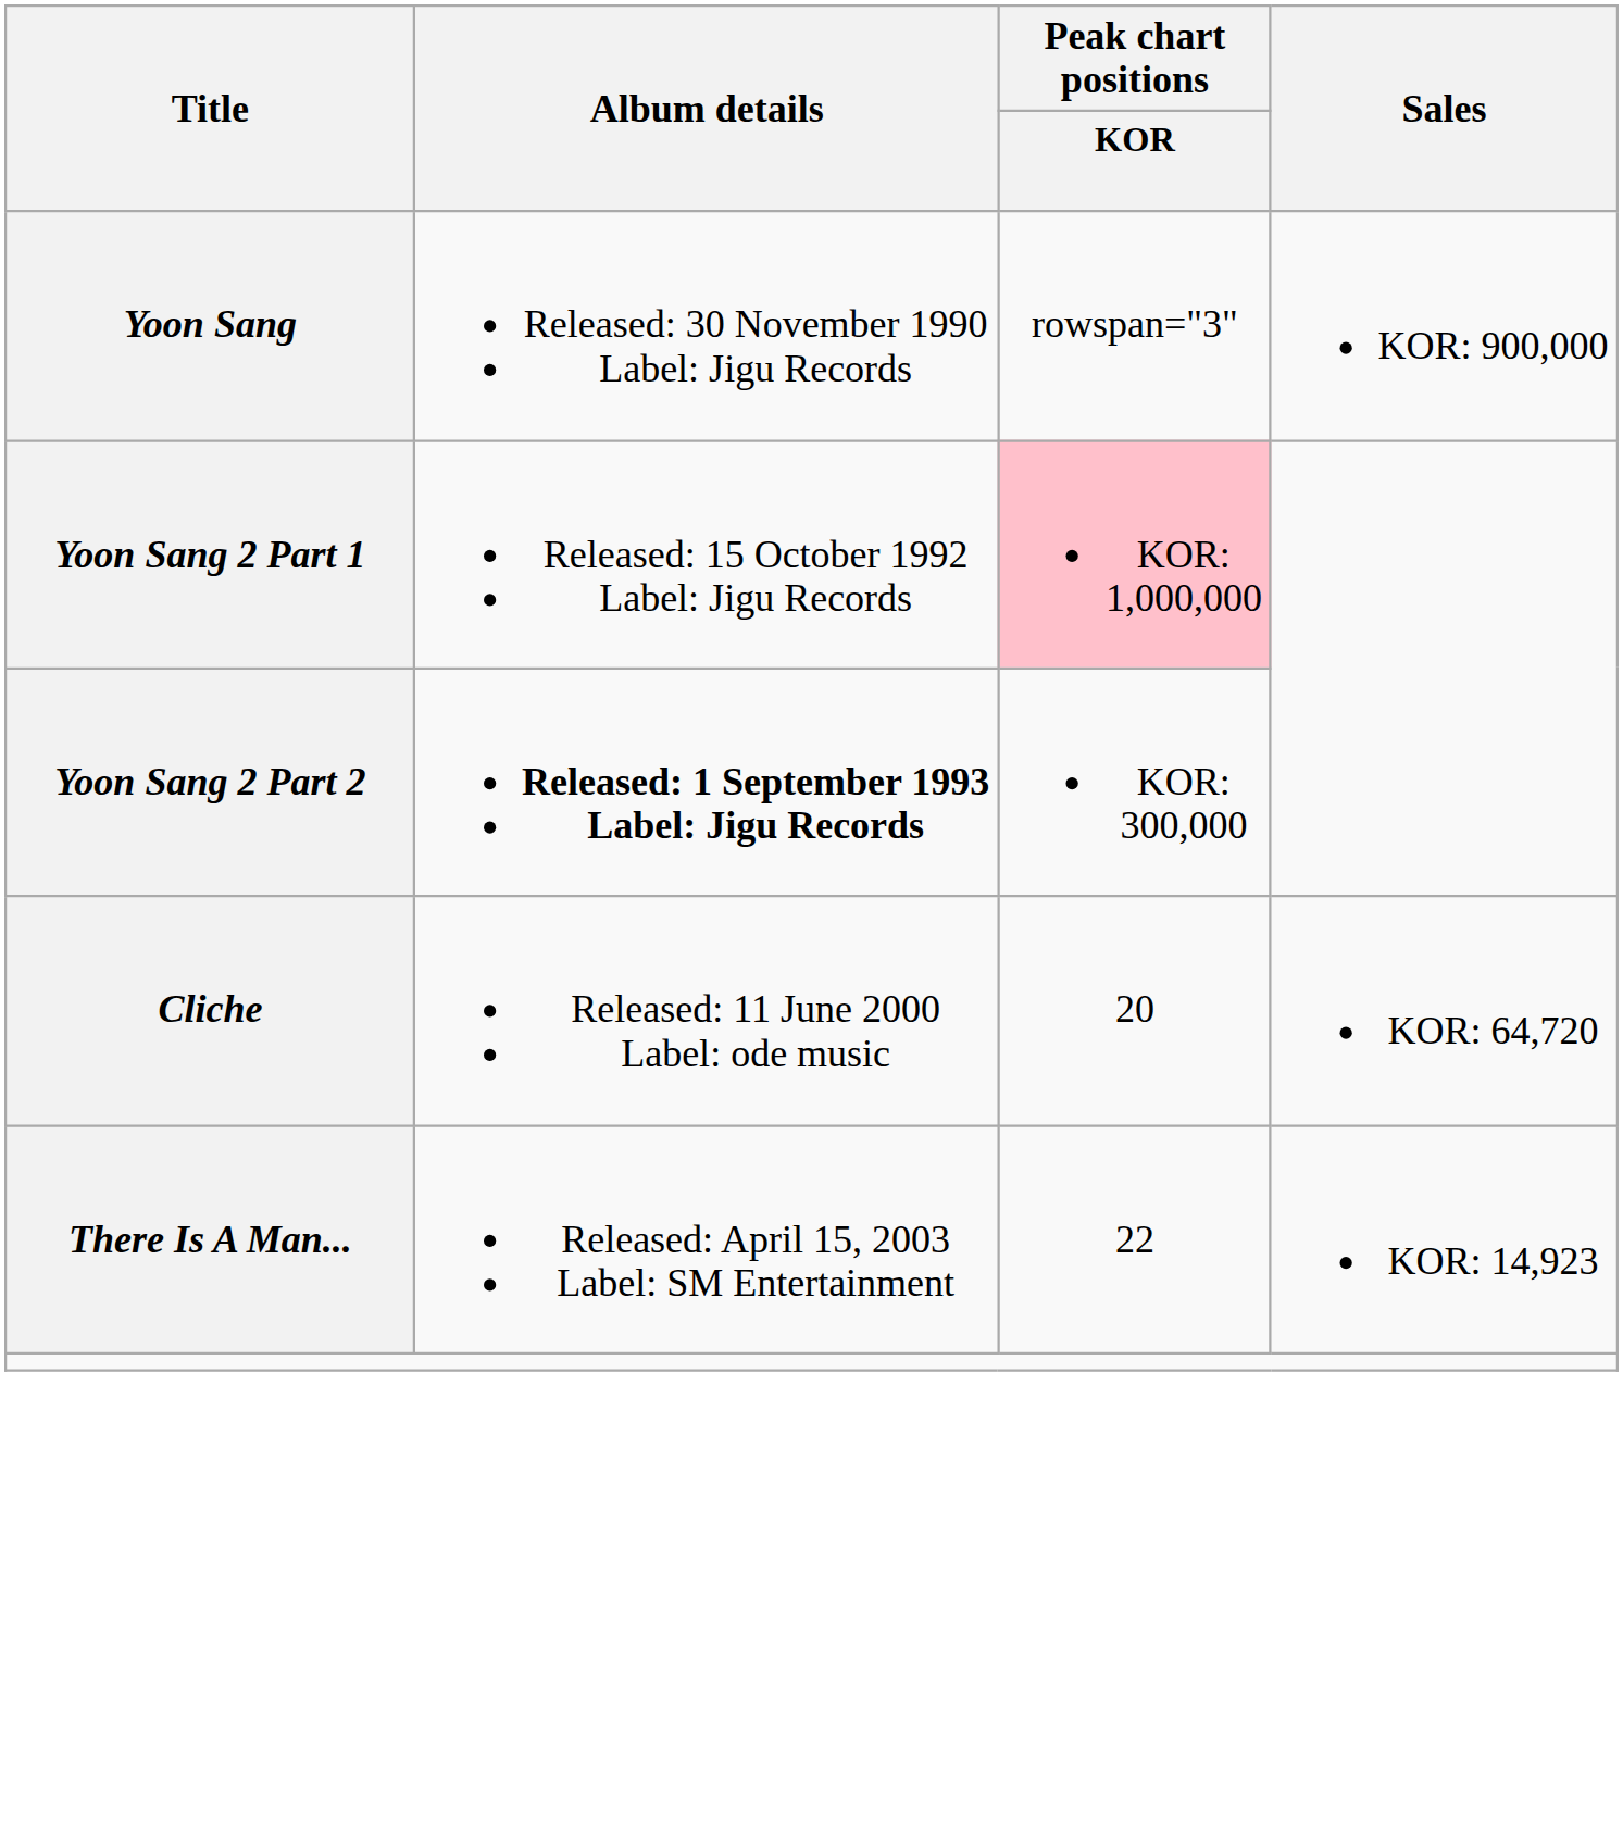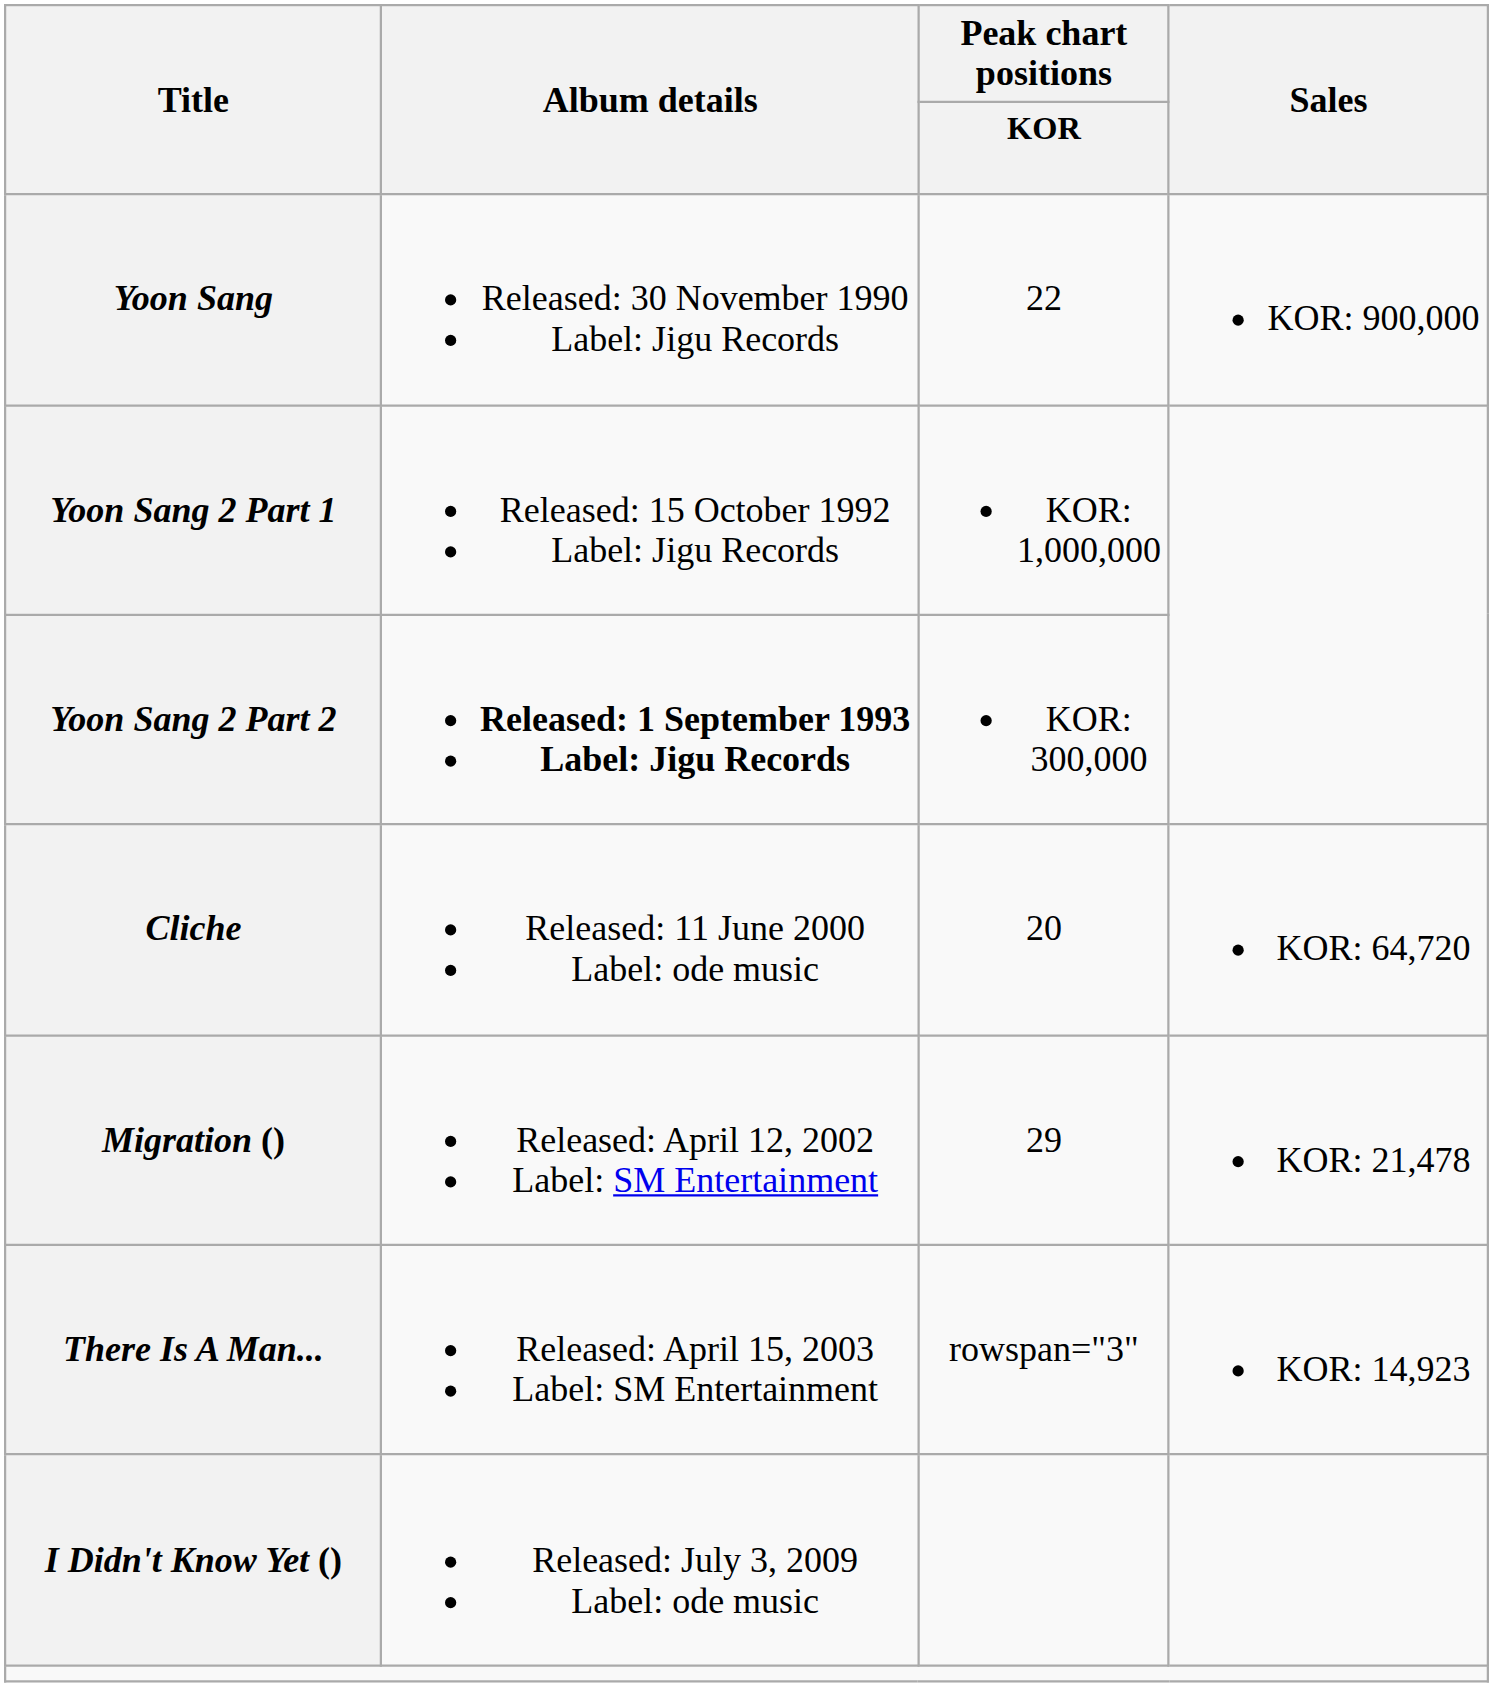 <table class="wikitable plainrowheaders" style="text-align:center;">
 <tr>
 <th rowspan="2" scope="col" style="width:10em;">Title</th>
 <th rowspan="2" scope="col">Album details</th>
 <th scope="col">Peak chart positions</th>
 <th rowspan="2" scope="col">Sales</th>
 </tr>
 <tr>
 <th scope="col" style="width:2.5em;font-size:90%;">KOR<br><br></th>
 </tr>
 <tr>
 <th scope="row"><em>Yoon Sang</em></th>
 <td><br><ul><li>Released: 30 November 1990</li><li>Label: Jigu Records</li></ul></td>
-<td>rowspan="3" </td>
+<td>22</td>
 <td><br><ul><li>KOR: 900,000</li></ul></td>
 </tr>
 <tr>
 <th scope="row"><em>Yoon Sang 2 Part 1</em></th>
 <td><br><ul><li>Released: 15 October 1992</li><li>Label: Jigu Records</li></ul></td>
-<td style="background: pink;"><br><ul><li>KOR: 1,000,000</li></ul></td>
+<td><br><ul><li>KOR: 1,000,000</li></ul></td>
 </tr>
 <tr>
 <th scope="row"><em>Yoon Sang 2 Part 2</em></th>
 <td><strong><br><ul><li>Released: 1 September 1993</li><li>Label: Jigu Records</li></ul></strong></td>
 <td><br><ul><li>KOR: 300,000</li></ul></td>
 </tr>
 <tr>
 <th scope="row"><em>Cliche</em></th>
 <td><br><ul><li>Released: 11 June 2000</li><li>Label: ode music</li></ul></td>
 <td>20</td>
 <td><br><ul><li>KOR: 64,720</li></ul></td>
 </tr>
 <tr>
+<th scope="row"><em>Migration</em> ()</th>
+<td><br><ul><li>Released: April 12, 2002</li><li>Label: <a href='#'>SM Entertainment</a></li></ul></td>
+<td>29</td>
+<td><br><ul><li>KOR: 21,478</li></ul></td>
+</tr>
+<tr>
 <th scope="row"><em>There Is A Man...</em></th>
 <td><br><ul><li>Released: April 15, 2003</li><li>Label: SM Entertainment</li></ul></td>
-<td>22</td>
+<td>rowspan="3" </td>
 <td><br><ul><li>KOR: 14,923</li></ul></td>
+</tr>
+<tr>
+<th scope="row"><em>I Didn't Know Yet</em> ()</th>
+<td><br><ul><li>Released: July 3, 2009</li><li>Label: ode music</li></ul></td>
+<td></td>
+<td></td>
 </tr>
 <tr>
 <td colspan="4"></td>
 </tr>
 </table>
